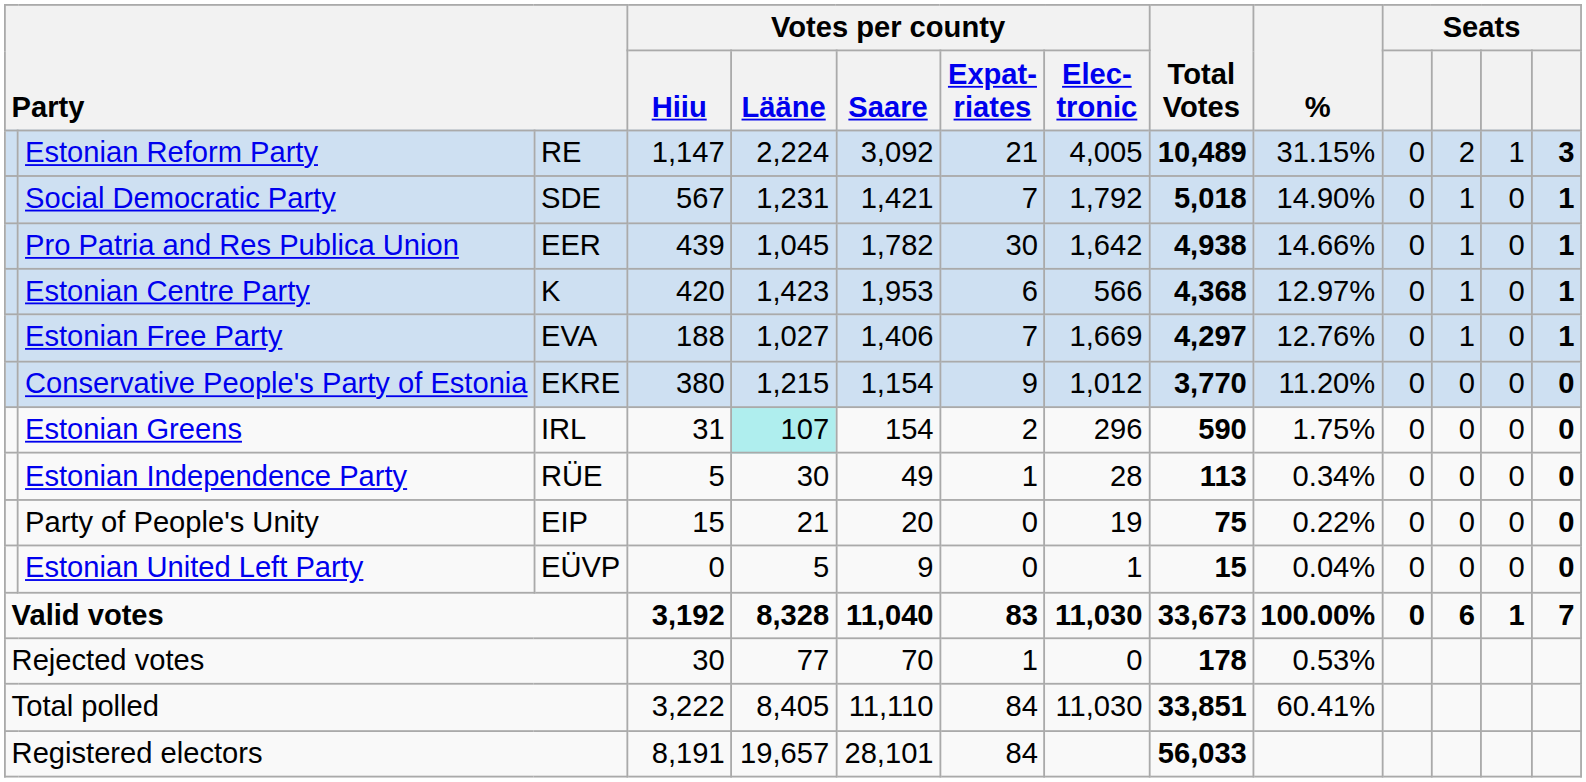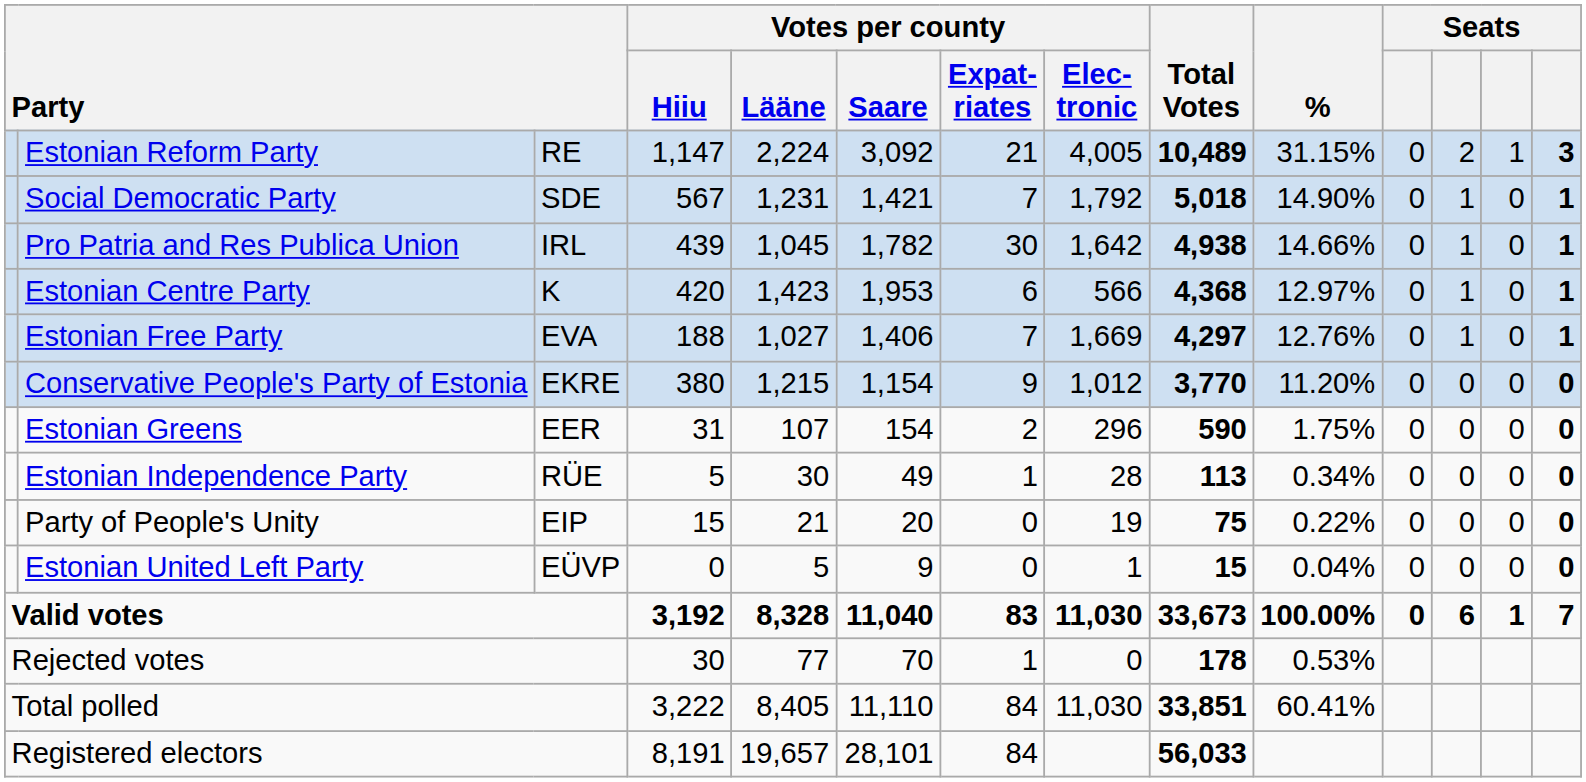 <table class="wikitable" border="1" style="text-align:right;">
 <tr>
 <th style="text-align:left;" valign=bottom rowspan=2 colspan=3>Party</th>
 <th colspan=5>Votes per county</th>
 <th align=center valign=bottom rowspan=2 width="50">Total Votes</th>
 <th align=center valign=bottom rowspan=2 width="50">%</th>
 <th colspan=4>Seats</th>
 </tr>
 <tr>
 <th align=center valign=bottom width="50"><a href='#'>Hiiu</a></th>
 <th align=center valign=bottom width="50"><a href='#'>Lääne</a></th>
 <th align=center valign=bottom width="50"><a href='#'>Saare</a></th>
 <th align=center valign=bottom width="50"><a href='#'>Expat- riates</a></th>
 <th align=center valign=bottom width="50"><a href='#'>Elec- tronic</a></th>
 <th align=center valign=bottom width="20"><small></small></th>
 <th align=center valign=bottom width="20"><small></small></th>
 <th align=center valign=bottom width="20"><small></small></th>
 <th align=center valign=bottom width="20"><small></small></th>
 </tr>
 <tr style="background:#CEE0F2;">
 <td style="background:"></td>
 <td align=left><a href='#'>Estonian Reform Party</a></td>
 <td align=left>RE</td>
 <td>1,147</td>
 <td>2,224</td>
 <td>3,092</td>
 <td>21</td>
 <td>4,005</td>
 <td><strong>10,489</strong></td>
 <td>31.15%</td>
 <td>0</td>
 <td>2</td>
 <td>1</td>
 <td><strong>3</strong></td>
 </tr>
 <tr style="background:#CEE0F2;">
 <td style="background:"></td>
 <td align=left><a href='#'>Social Democratic Party</a></td>
 <td align=left>SDE</td>
 <td>567</td>
 <td>1,231</td>
 <td>1,421</td>
 <td>7</td>
 <td>1,792</td>
 <td><strong>5,018</strong></td>
 <td>14.90%</td>
 <td>0</td>
 <td>1</td>
 <td>0</td>
 <td><strong>1</strong></td>
 </tr>
 <tr style="background:#CEE0F2;">
 <td style="background:"></td>
 <td align=left><a href='#'>Pro Patria and Res Publica Union</a></td>
-<td align=left>EER</td>
+<td align=left>IRL</td>
 <td>439</td>
 <td>1,045</td>
 <td>1,782</td>
 <td>30</td>
 <td>1,642</td>
 <td><strong>4,938</strong></td>
 <td>14.66%</td>
 <td>0</td>
 <td>1</td>
 <td>0</td>
 <td><strong>1</strong></td>
 </tr>
 <tr style="background:#CEE0F2;">
 <td style="background:"></td>
 <td align=left><a href='#'>Estonian Centre Party</a></td>
 <td align=left>K</td>
 <td>420</td>
 <td>1,423</td>
 <td>1,953</td>
 <td>6</td>
 <td>566</td>
 <td><strong>4,368</strong></td>
 <td>12.97%</td>
 <td>0</td>
 <td>1</td>
 <td>0</td>
 <td><strong>1</strong></td>
 </tr>
 <tr style="background:#CEE0F2;">
 <td style="background:"></td>
 <td align=left><a href='#'>Estonian Free Party</a></td>
 <td align=left>EVA</td>
 <td>188</td>
 <td>1,027</td>
 <td>1,406</td>
 <td>7</td>
 <td>1,669</td>
 <td><strong>4,297</strong></td>
 <td>12.76%</td>
 <td>0</td>
 <td>1</td>
 <td>0</td>
 <td><strong>1</strong></td>
 </tr>
 <tr style="background:#CEE0F2;">
 <td style="background:"></td>
 <td align=left><a href='#'>Conservative People's Party of Estonia</a></td>
 <td align=left>EKRE</td>
 <td>380</td>
 <td>1,215</td>
 <td>1,154</td>
 <td>9</td>
 <td>1,012</td>
 <td><strong>3,770</strong></td>
 <td>11.20%</td>
 <td>0</td>
 <td>0</td>
 <td>0</td>
 <td><strong>0</strong></td>
 </tr>
 <tr>
 <td style="background:"></td>
 <td align=left><a href='#'>Estonian Greens</a></td>
-<td align=left>IRL</td>
+<td align=left>EER</td>
 <td>31</td>
-<td style="background: paleturquoise;">107</td>
+<td>107</td>
 <td>154</td>
 <td>2</td>
 <td>296</td>
 <td><strong>590</strong></td>
 <td>1.75%</td>
 <td>0</td>
 <td>0</td>
 <td>0</td>
 <td><strong>0</strong></td>
 </tr>
 <tr>
 <td style="background:"></td>
 <td align=left><a href='#'>Estonian Independence Party</a></td>
 <td align=left>RÜE</td>
 <td>5</td>
 <td>30</td>
 <td>49</td>
 <td>1</td>
 <td>28</td>
 <td><strong>113</strong></td>
 <td>0.34%</td>
 <td>0</td>
 <td>0</td>
 <td>0</td>
 <td><strong>0</strong></td>
 </tr>
 <tr>
 <td></td>
 <td align=left>Party of People's Unity</td>
 <td align=left>EIP</td>
 <td>15</td>
 <td>21</td>
 <td>20</td>
 <td>0</td>
 <td>19</td>
 <td><strong>75</strong></td>
 <td>0.22%</td>
 <td>0</td>
 <td>0</td>
 <td>0</td>
 <td><strong>0</strong></td>
 </tr>
 <tr>
 <td style="background:"></td>
 <td align=left><a href='#'>Estonian United Left Party</a></td>
 <td align=left>EÜVP</td>
 <td>0</td>
 <td>5</td>
 <td>9</td>
 <td>0</td>
 <td>1</td>
 <td><strong>15</strong></td>
 <td>0.04%</td>
 <td>0</td>
 <td>0</td>
 <td>0</td>
 <td><strong>0</strong></td>
 </tr>
 <tr style="font-weight:bold">
 <td align=left colspan=3>Valid votes</td>
 <td>3,192</td>
 <td>8,328</td>
 <td>11,040</td>
 <td>83</td>
 <td>11,030</td>
 <td>33,673</td>
 <td>100.00%</td>
 <td>0</td>
 <td>6</td>
 <td>1</td>
 <td>7</td>
 </tr>
 <tr>
 <td align=left colspan=3>Rejected votes</td>
 <td>30</td>
 <td>77</td>
 <td>70</td>
 <td>1</td>
 <td>0</td>
 <td><strong>178</strong></td>
 <td>0.53%</td>
 <td></td>
 <td></td>
 <td></td>
 <td></td>
 </tr>
 <tr>
 <td align=left colspan=3>Total polled</td>
 <td>3,222</td>
 <td>8,405</td>
 <td>11,110</td>
 <td>84</td>
 <td>11,030</td>
 <td><strong>33,851</strong></td>
 <td>60.41%</td>
 <td></td>
 <td></td>
 <td></td>
 <td></td>
 </tr>
 <tr>
 <td align=left colspan=3>Registered electors</td>
 <td>8,191</td>
 <td>19,657</td>
 <td>28,101</td>
 <td>84</td>
 <td></td>
 <td><strong>56,033</strong></td>
 <td></td>
 <td></td>
 <td></td>
 <td></td>
 <td></td>
 </tr>
 </table>
